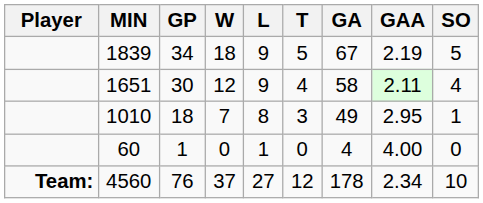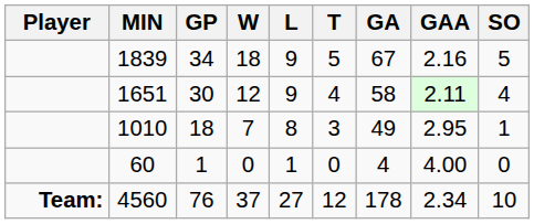 <table class="wikitable sortable" width="60%">
 <tr>
 <th bgcolor="#DDDDFF" width="10%">Player</th>
 <th width="3%" bgcolor="#DDDDFF" title="Minutes played">MIN</th>
 <th width="3%" bgcolor="#DDDDFF" title="Games played in">GP</th>
 <th width="3%" bgcolor="#DDDDFF" title="Wins">W</th>
 <th width="3%" bgcolor="#DDDDFF"title="Losses">L</th>
 <th width="3%" bgcolor="#DDDDFF" title="Ties">T</th>
 <th width="3%" bgcolor="#DDDDFF" title="Goals against">GA</th>
 <th width="3%" bgcolor="#DDDDFF" title="Goals against average">GAA</th>
 <th width="3%" bgcolor="#DDDDFF"title="Shut-outs">SO</th>
 </tr>
 <tr align="center">
 <td align="right"></td>
 <td>1839</td>
 <td>34</td>
 <td>18</td>
 <td>9</td>
 <td>5</td>
 <td>67</td>
-<td>2.19</td>
+<td>2.16</td>
 <td>5</td>
 </tr>
 <tr align="center">
 <td align="right"></td>
 <td>1651</td>
 <td>30</td>
 <td>12</td>
 <td>9</td>
 <td>4</td>
 <td>58</td>
 <td style="background:#DDFFDD;">2.11</td>
 <td>4</td>
 </tr>
 <tr align="center">
 <td align="right"></td>
 <td>1010</td>
 <td>18</td>
 <td>7</td>
 <td>8</td>
 <td>3</td>
 <td>49</td>
 <td>2.95</td>
 <td>1</td>
 </tr>
 <tr align="center">
 <td align="right"></td>
 <td>60</td>
 <td>1</td>
 <td>0</td>
 <td>1</td>
 <td>0</td>
 <td>4</td>
 <td>4.00</td>
 <td>0</td>
 </tr>
 <tr align="center">
 <td align="right"><strong>Team:</strong></td>
 <td>4560</td>
 <td>76</td>
 <td>37</td>
 <td>27</td>
 <td>12</td>
 <td>178</td>
 <td>2.34</td>
 <td>10</td>
 </tr>
 </table>
